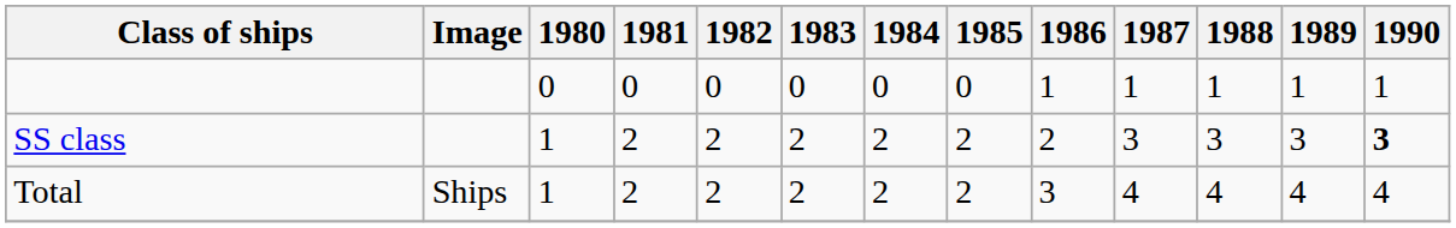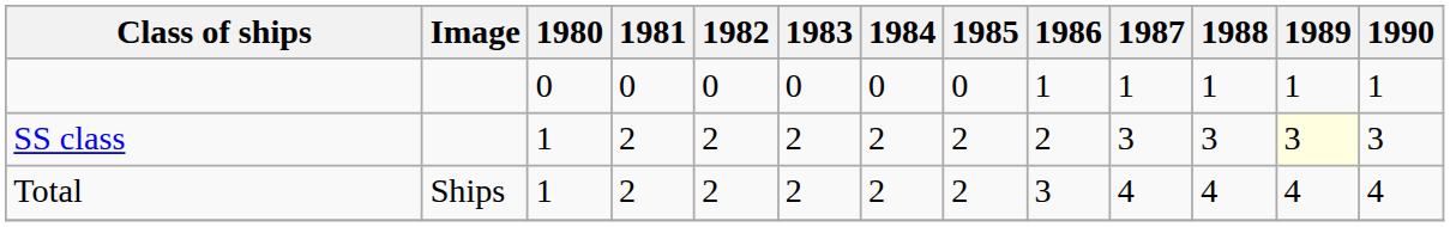 <table class="wikitable sortable collapsible collapsed">
 <tr>
 <th style="width:29%;">Class of ships</th>
 <th>Image</th>
 <th>1980</th>
 <th>1981</th>
 <th>1982</th>
 <th>1983</th>
 <th>1984</th>
 <th>1985</th>
 <th>1986</th>
 <th>1987</th>
 <th>1988</th>
 <th>1989</th>
 <th>1990</th>
 </tr>
 <tr valign="top">
 <td></td>
 <td></td>
 <td>0</td>
 <td>0</td>
 <td>0</td>
 <td>0</td>
 <td>0</td>
 <td>0</td>
 <td>1</td>
 <td>1</td>
 <td>1</td>
 <td>1</td>
 <td>1</td>
 </tr>
 <tr valign="top">
 <td><a href='#'>SS class</a></td>
 <td></td>
 <td>1</td>
 <td>2</td>
 <td>2</td>
 <td>2</td>
 <td>2</td>
 <td>2</td>
 <td>2</td>
 <td>3</td>
 <td>3</td>
+<td style="background: lightyellow;">3</td>
 <td>3</td>
-<td><strong>3</strong></td>
 </tr>
 <tr valign="top">
 <td>Total</td>
 <td>Ships</td>
 <td>1</td>
 <td>2</td>
 <td>2</td>
 <td>2</td>
 <td>2</td>
 <td>2</td>
 <td>3</td>
 <td>4</td>
 <td>4</td>
 <td>4</td>
 <td>4</td>
 </tr>
 <tr>
 </tr>
 </table>
